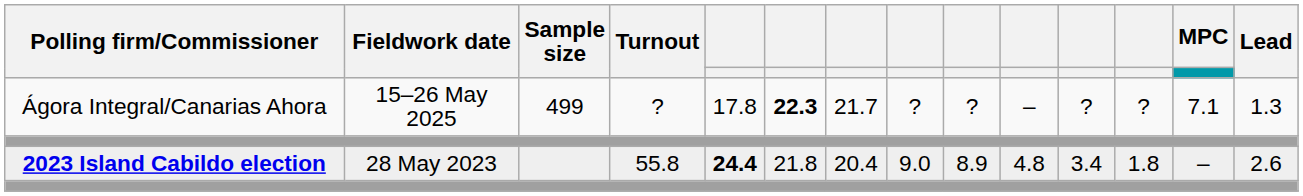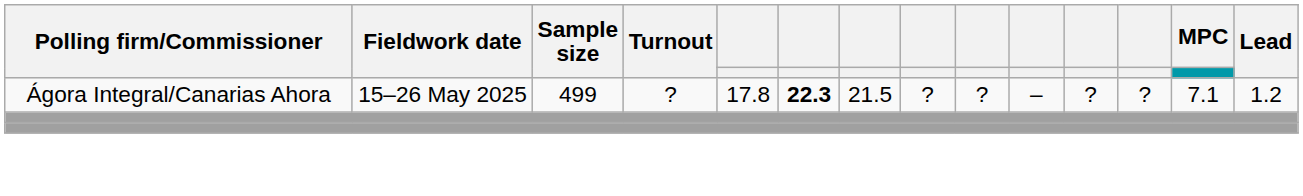 <table class="wikitable collapsible collapsed" style="text-align:center; font-size:95%; line-height:16px;">
 <tr style="height:42px;">
 <th style="width:250px;" rowspan="2">Polling firm/Commissioner</th>
 <th style="width:125px;" rowspan="2">Fieldwork date</th>
 <th style="width:50px;" rowspan="2">Sample size</th>
 <th style="width:45px;" rowspan="2">Turnout</th>
 <th style="width:35px;"></th>
 <th style="width:35px;"></th>
 <th style="width:35px;"></th>
 <th style="width:35px;"></th>
 <th style="width:35px;"></th>
 <th style="width:35px;"></th>
 <th style="width:35px;"></th>
 <th style="width:35px;"></th>
 <th style="width:35px;">MPC</th>
 <th style="width:30px;" rowspan="2">Lead</th>
 </tr>
 <tr>
 <th style="color:inherit;background:"></th>
 <th style="color:inherit;background:"></th>
 <th style="color:inherit;background:"></th>
 <th style="color:inherit;background:"></th>
 <th style="color:inherit;background:"></th>
 <th style="color:inherit;background:"></th>
 <th style="color:inherit;background:"></th>
 <th style="color:inherit;background:"></th>
 <th style="color:inherit;background:#0099A9;"></th>
 </tr>
 <tr>
 <td>Ágora Integral/Canarias Ahora</td>
 <td>15–26 May 2025</td>
 <td>499</td>
 <td>?</td>
 <td>17.8<br></td>
 <td><strong>22.3</strong><br></td>
-<td>21.7<br></td>
+<td>21.5<br></td>
 <td>?<br></td>
 <td>?<br></td>
 <td>–</td>
 <td>?<br></td>
 <td>?<br></td>
 <td>7.1<br></td>
-<td style="background:">1.3</td>
+<td style="background:">1.2</td>
 </tr>
 <tr>
 <td colspan="14" style="background:#A0A0A0"></td>
-</tr>
-<tr style="background:#EFEFEF;">
-<td><strong><a href='#'>2023 Island Cabildo election</a></strong></td>
-<td>28 May 2023</td>
-<td></td>
-<td>55.8</td>
-<td><strong>24.4</strong><br></td>
-<td>21.8<br></td>
-<td>20.4<br></td>
-<td>9.0<br></td>
-<td>8.9<br></td>
-<td>4.8<br></td>
-<td>3.4<br></td>
-<td>1.8<br></td>
-<td>–</td>
-<td style="background:">2.6</td>
 </tr>
 <tr>
 <td colspan="14" style="background:#A0A0A0"></td>
 </tr>
 </table>
